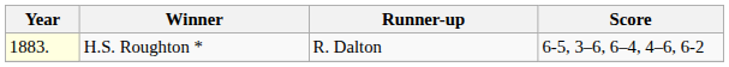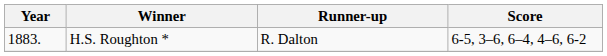 <table class="wikitable">
 <tr>
 <th style="width:60px;">Year</th>
 <th style="width:200px;">Winner</th>
 <th style="width:200px;">Runner-up</th>
 <th style="width:160px;">Score</th>
 </tr>
 <tr>
-<td style="background: lightyellow;">1883.</td>
+<td>1883.</td>
 <td>  H.S. Roughton *</td>
 <td> R. Dalton</td>
 <td>6-5, 3–6, 6–4, 4–6, 6-2</td>
 </tr>
 <tr>
 </tr>
 </table>
